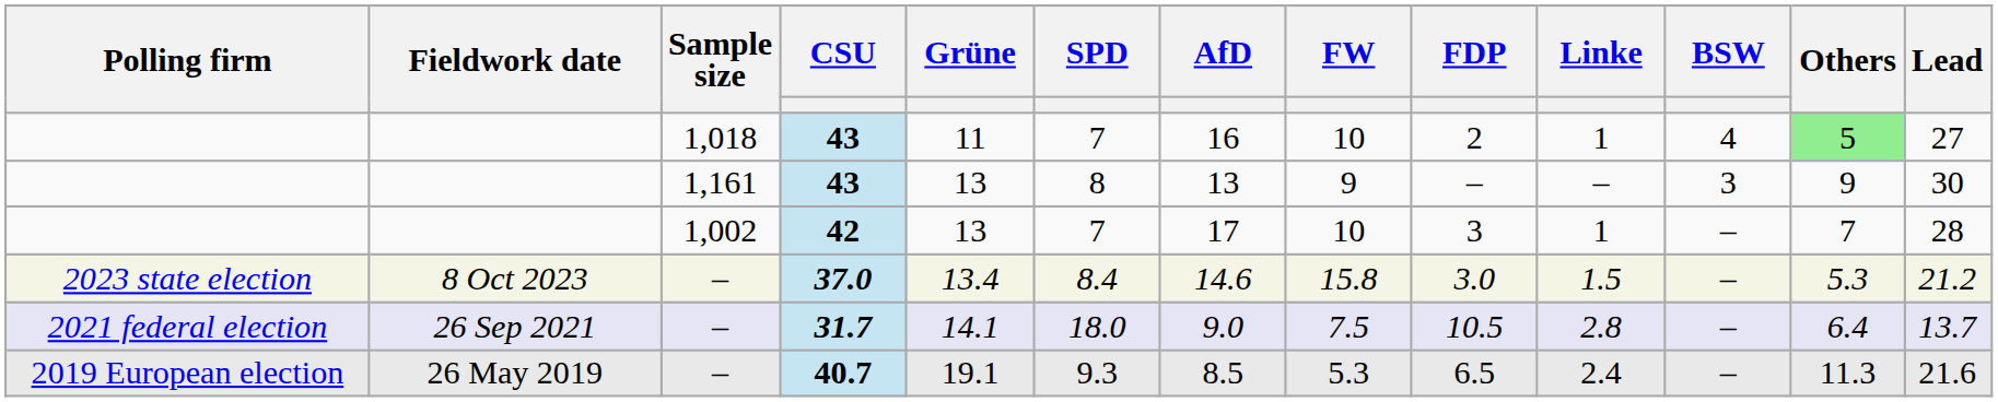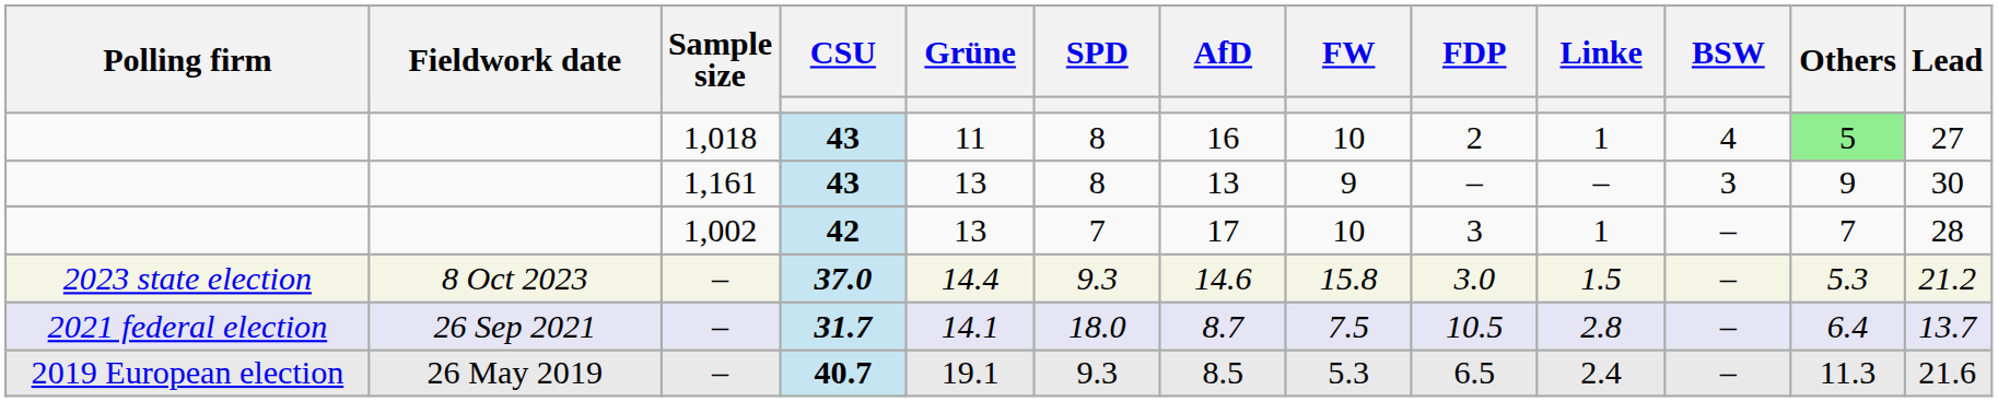 <table class="wikitable sortable" style="text-align:center;font-size:90%;line-height:14px;">
 <tr style="height:40px;">
 <th style="width:160px;" rowspan="2">Polling firm</th>
 <th style="width:125px;" rowspan="2">Fieldwork date</th>
 <th style="width:35px;" rowspan="2">Sample<br>size</th>
 <th class="unsortable" style="width:50px;"><a href='#'>CSU</a><br></th>
 <th class="unsortable" style="width:50px;"><a href='#'>Grüne</a><br></th>
 <th class="unsortable" style="width:50px;"><a href='#'>SPD</a><br></th>
 <th class="unsortable" style="width:50px;"><a href='#'>AfD</a><br></th>
 <th class="unsortable" style="width:50px;"><a href='#'>FW</a><br></th>
 <th class="unsortable" style="width:50px;"><a href='#'>FDP</a><br></th>
 <th class="unsortable" style="width:50px;"><a href='#'>Linke</a><br></th>
 <th class="unsortable" style="width:50px;"><a href='#'>BSW</a><br></th>
 <th rowspan="2" class="unsortable" style="width:30px;">Others</th>
 <th style="width:30px;" rowspan="2">Lead</th>
 </tr>
 <tr>
 <th style="background:"></th>
 <th style="background:"></th>
 <th style="background:"></th>
 <th style="background:"></th>
 <th style="background:"></th>
 <th style="background:"></th>
 <th style="background:"></th>
 <th style="background:"></th>
 </tr>
 <tr>
 <td></td>
 <td></td>
 <td>1,018</td>
 <td style="background:#C6E5F2;"><strong>43</strong></td>
 <td>11</td>
-<td>7</td>
+<td>8</td>
 <td>16</td>
 <td>10</td>
 <td>2</td>
 <td>1</td>
 <td>4</td>
 <td style="background: lightgreen;">5</td>
 <td style="background:">27</td>
 </tr>
 <tr>
 <td></td>
 <td></td>
 <td>1,161</td>
 <td style="background:#C6E5F2;"><strong>43</strong></td>
 <td>13</td>
 <td>8</td>
 <td>13</td>
 <td>9</td>
 <td>–</td>
 <td>–</td>
 <td>3</td>
 <td>9</td>
 <td style="background:">30</td>
 </tr>
 <tr>
 <td></td>
 <td></td>
 <td>1,002</td>
 <td style="background:#C6E5F2;"><strong>42</strong></td>
 <td>13</td>
 <td>7</td>
 <td>17</td>
 <td>10</td>
 <td>3</td>
 <td>1</td>
 <td>–</td>
 <td>7</td>
 <td style="background:">28</td>
 </tr>
 <tr style="background:#F5F5E5;font-style:italic;">
 <td><a href='#'>2023 state election</a></td>
 <td data-sort-value="2023-10-08">8 Oct 2023</td>
 <td>–</td>
 <td style="background:#C6E5F2;"><strong>37.0</strong></td>
-<td>13.4</td>
-<td>8.4</td>
+<td>14.4</td>
+<td>9.3</td>
 <td>14.6</td>
 <td>15.8</td>
 <td>3.0</td>
 <td>1.5</td>
 <td>–</td>
 <td>5.3</td>
 <td style="background:">21.2</td>
 </tr>
 <tr style="background:#E5E5F5;font-style:italic;">
 <td><a href='#'>2021 federal election</a></td>
 <td data-sort-value="2021-09-26">26 Sep 2021</td>
 <td>–</td>
 <td style="background:#C6E5F2;"><strong>31.7</strong></td>
 <td>14.1</td>
 <td>18.0</td>
-<td>9.0</td>
+<td>8.7</td>
 <td>7.5</td>
 <td>10.5</td>
 <td>2.8</td>
 <td>–</td>
 <td>6.4</td>
 <td style="background:">13.7</td>
 </tr>
 <tr style="background:#E9E9E9;">
 <td><a href='#'>2019 European election</a></td>
 <td data-sort-value="2019-05-26">26 May 2019</td>
 <td>–</td>
 <td style="background:#C6E5F2;"><strong>40.7</strong></td>
 <td>19.1</td>
 <td>9.3</td>
 <td>8.5</td>
 <td>5.3</td>
 <td>6.5</td>
 <td>2.4</td>
 <td>–</td>
 <td>11.3</td>
 <td style="background:">21.6</td>
 </tr>
 </table>
